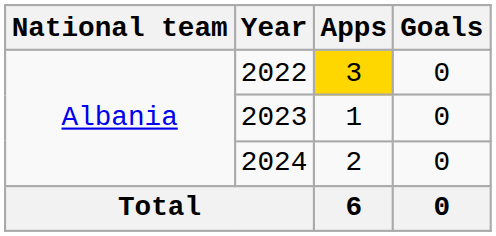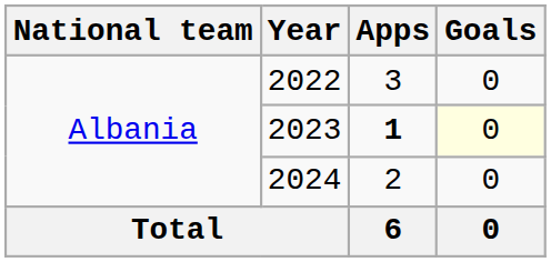 <table class="wikitable" style="text-align:center">
 <tr>
 <th>National team</th>
 <th>Year</th>
 <th>Apps</th>
 <th>Goals</th>
 </tr>
 <tr>
 <td rowspan="3"><a href='#'>Albania</a></td>
 <td>2022</td>
-<td style="background: gold;">3</td>
+<td>3</td>
 <td>0</td>
 </tr>
 <tr>
 <td>2023</td>
-<td>1</td>
-<td>0</td>
+<td><strong>1</strong></td>
+<td style="background: lightyellow;">0</td>
 </tr>
 <tr>
 <td>2024</td>
 <td>2</td>
 <td>0</td>
 </tr>
 <tr>
 <th colspan="2">Total</th>
 <th>6</th>
 <th>0</th>
 </tr>
 </table>
